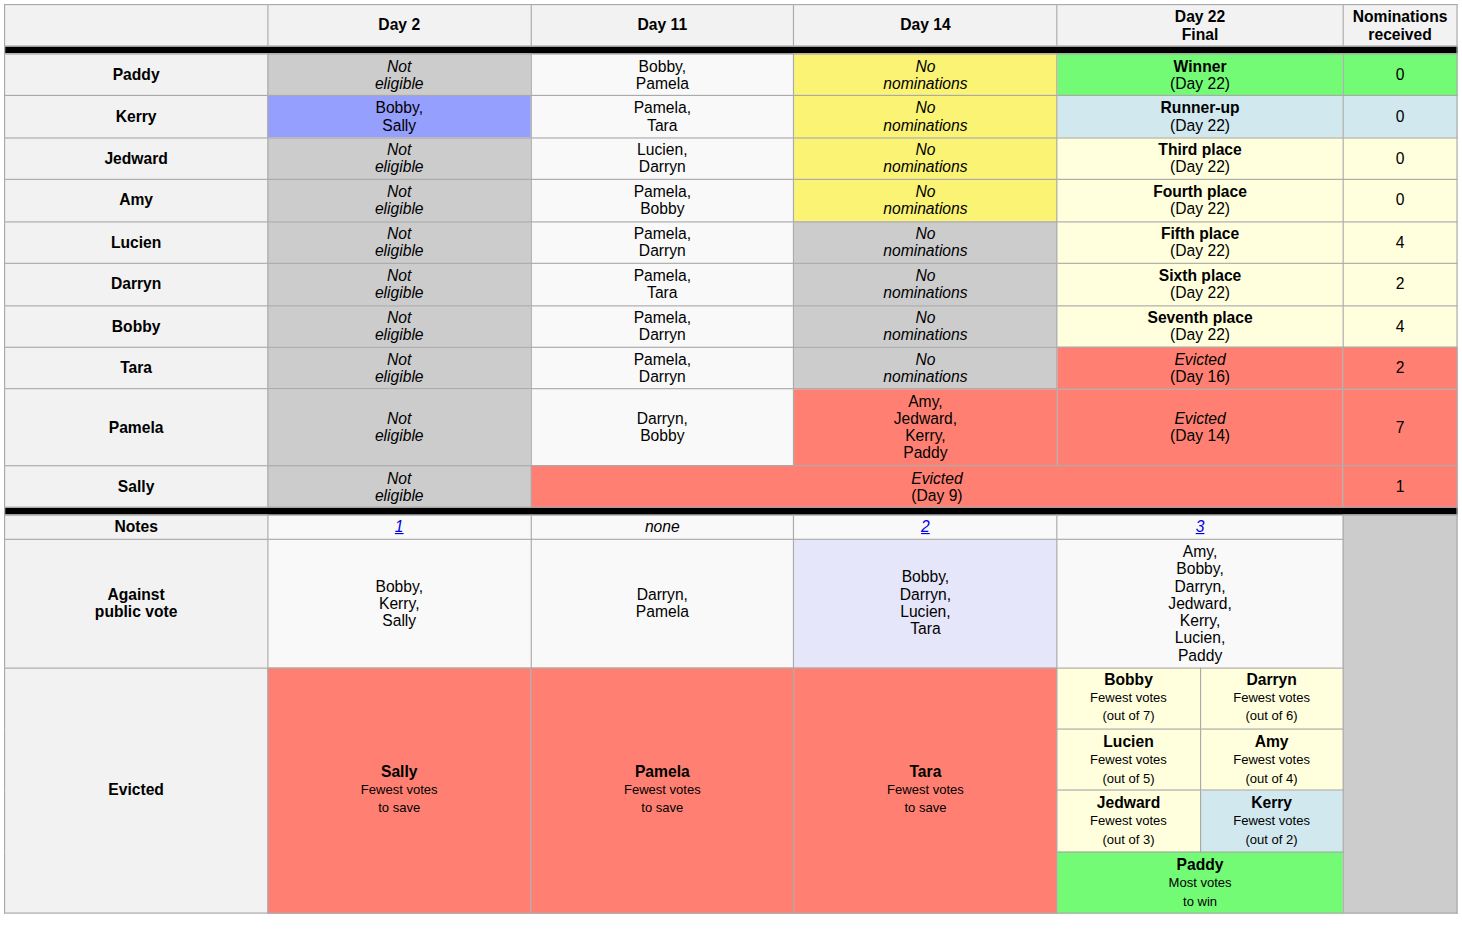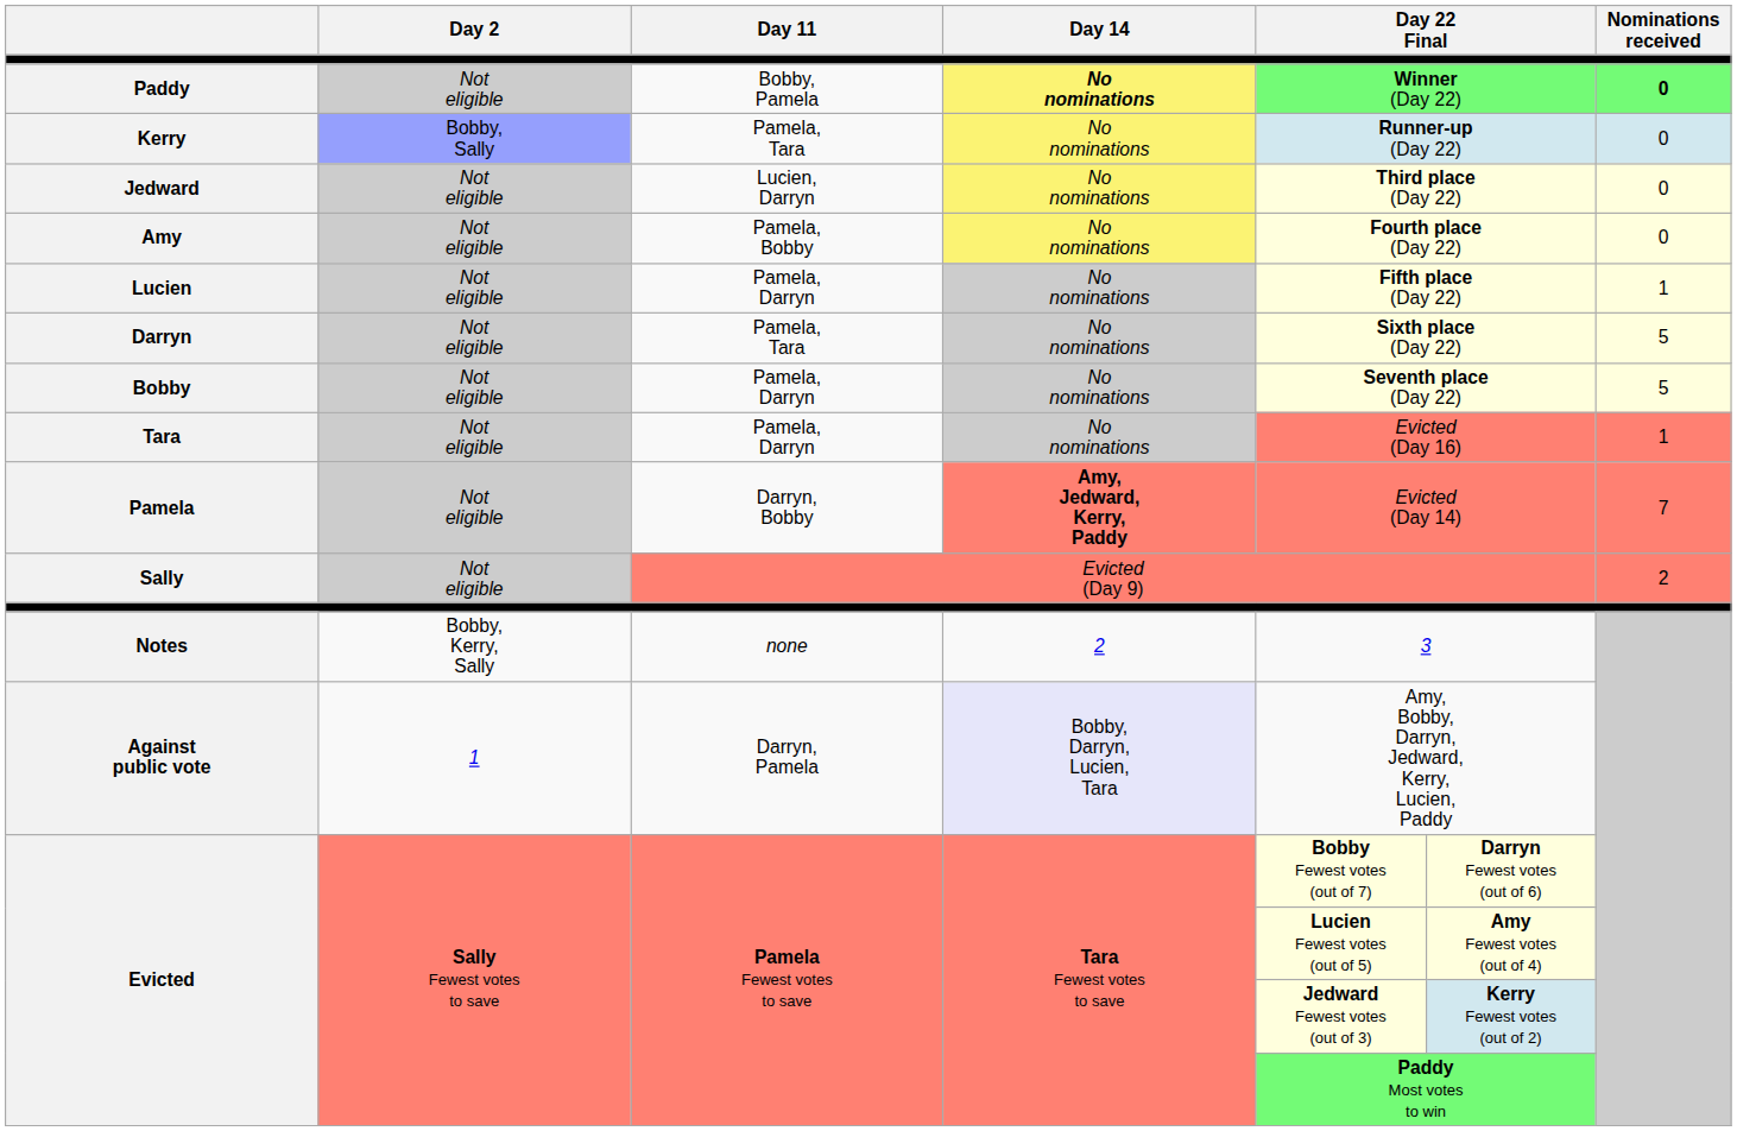 <table class="wikitable nowrap" style="text-align:center; width:100%; font-size:85%; line-height:15px;">
 <tr>
 <th style="width:10%;"></th>
 <th style="width:10%;">Day 2</th>
 <th style="width:10%;">Day 11</th>
 <th style="width:10%;">Day 14</th>
 <th colspan="2" style="width:10%;">Day 22<br>Final</th>
 <th style="width:1%;">Nominations<br>received</th>
 </tr>
 <tr>
 <th style="background:#000;" colspan="7"></th>
 </tr>
 <tr>
 <th>Paddy</th>
 <td style="background:#ccc; text-align:center;"><em>Not<br>eligible</em></td>
 <td>Bobby,<br>Pamela</td>
-<td style="background:#FBF373; text-align:center;"><em>No<br>nominations</em></td>
+<td style="background:#FBF373; text-align:center;"><strong><em>No<br>nominations</em></strong></td>
 <td style="background:#73FB76" colspan=2><strong>Winner</strong><br>(Day 22)</td>
-<td style="background:#73FB76">0</td>
+<td style="background:#73FB76"><strong>0</strong></td>
 </tr>
 <tr>
 <th>Kerry</th>
 <td style="background:#959ffd; text-align:center">Bobby,<br>Sally</td>
 <td>Pamela,<br>Tara</td>
 <td style="background:#FBF373; text-align:center;"><em>No<br>nominations</em></td>
 <td style="background:#D1E8EF" colspan=2><strong>Runner-up</strong><br>(Day 22)</td>
 <td style="background:#D1E8EF">0</td>
 </tr>
 <tr>
 <th>Jedward</th>
 <td style="background:#ccc; text-align:center;"><em>Not<br>eligible</em></td>
 <td>Lucien,<br>Darryn</td>
 <td style="background:#FBF373; text-align:center;"><em>No<br>nominations</em></td>
 <td style="background:#ffffdd" colspan=2><strong>Third place</strong><br>(Day 22)</td>
 <td style="background:#ffffdd">0</td>
 </tr>
 <tr>
 <th>Amy</th>
 <td style="background:#ccc; text-align:center;"><em>Not<br>eligible</em></td>
 <td>Pamela,<br>Bobby</td>
 <td style="background:#FBF373; text-align:center;"><em>No<br>nominations</em></td>
 <td style="background:#ffffdd" colspan=2><strong>Fourth place</strong><br>(Day 22)</td>
 <td style="background:#ffffdd">0</td>
 </tr>
 <tr>
 <th>Lucien</th>
 <td style="background:#ccc; text-align:center;"><em>Not<br>eligible</em></td>
 <td>Pamela,<br>Darryn</td>
 <td style="background:#ccc; text-align:center;"><em>No<br>nominations</em></td>
 <td style="background:#ffffdd" colspan=2><strong>Fifth place</strong><br>(Day 22)</td>
-<td style="background:#ffffdd">4</td>
+<td style="background:#ffffdd">1</td>
 </tr>
 <tr>
 <th>Darryn</th>
 <td style="background:#ccc; text-align:center;"><em>Not<br>eligible</em></td>
 <td>Pamela,<br>Tara</td>
 <td style="background:#ccc; text-align:center;"><em>No<br>nominations</em></td>
 <td style="background:#ffffdd" colspan=2><strong>Sixth place</strong><br>(Day 22)</td>
-<td style="background:#ffffdd">2</td>
+<td style="background:#ffffdd">5</td>
 </tr>
 <tr>
 <th>Bobby</th>
 <td style="background:#ccc; text-align:center;"><em>Not<br>eligible</em></td>
 <td>Pamela,<br>Darryn</td>
 <td style="background:#ccc; text-align:center;"><em>No<br>nominations</em></td>
 <td style="background:#ffffdd" colspan=2><strong>Seventh place</strong><br>(Day 22)</td>
-<td style="background:#ffffdd">4</td>
+<td style="background:#ffffdd">5</td>
 </tr>
 <tr>
 <th>Tara</th>
 <td style="background:#ccc; text-align:center;"><em>Not<br>eligible</em></td>
 <td>Pamela,<br>Darryn</td>
 <td style="background:#ccc; text-align:center;"><em>No<br>nominations</em></td>
 <td colspan="2" style="background:#FF8072"><em>Evicted</em><br>(Day 16)</td>
-<td style="background:#FF8072">2</td>
+<td style="background:#FF8072">1</td>
 </tr>
 <tr>
 <th>Pamela</th>
 <td style="background:#ccc; text-align:center;"><em>Not<br>eligible</em></td>
 <td>Darryn,<br>Bobby</td>
-<td style="background:#FF8072">Amy,<br>Jedward,<br>Kerry,<br>Paddy</td>
+<td style="background:#FF8072"><strong>Amy,<br>Jedward,<br>Kerry,<br>Paddy</strong></td>
 <td colspan=2 style="background:#FF8072"><em>Evicted</em><br>(Day 14)</td>
 <td style="background:#FF8072">7</td>
 </tr>
 <tr>
 <th>Sally</th>
 <td style="background:#ccc; text-align:center;"><em>Not<br>eligible</em></td>
 <td colspan="4" style="background:#FF8072"><em>Evicted</em><br>(Day 9)</td>
-<td style="background:#FF8072">1</td>
+<td style="background:#FF8072">2</td>
 </tr>
 <tr>
 <th style="background:#000;" colspan="7"></th>
 </tr>
 <tr>
 <th>Notes</th>
-<td><cite><em><a href='#'>1</a></em></cite></td>
+<td>Bobby,<br>Kerry,<br>Sally</td>
 <td><em>none</em></td>
 <td><cite><em><a href='#'>2</a></em></cite></td>
 <td colspan="2"><cite><em><a href='#'>3</a></em></cite></td>
 <td rowspan="6" style="background:#ccc;"></td>
 </tr>
 <tr>
 <th>Against<br>public vote</th>
-<td>Bobby,<br>Kerry,<br>Sally</td>
+<td><cite><em><a href='#'>1</a></em></cite></td>
 <td>Darryn,<br>Pamela</td>
 <td style="background: lavender;">Bobby,<br>Darryn,<br>Lucien,<br>Tara</td>
 <td colspan="2">Amy,<br>Bobby,<br>Darryn,<br>Jedward,<br>Kerry,<br>Lucien,<br>Paddy</td>
 </tr>
 <tr>
 <th rowspan="4">Evicted</th>
 <td rowspan="4" style="background:#ff8072;"><strong>Sally</strong><br><small>Fewest votes</small><br><small>to save</small></td>
 <td rowspan="4" style="background:#ff8072"><strong>Pamela</strong><br><small>Fewest votes</small><br><small>to save</small></td>
 <td rowspan="4" style="background:#ff8072"><strong>Tara</strong><br><small>Fewest votes</small><br><small>to save</small></td>
 <td style="background:#ffffdd; white-space:nowrap;"><strong>Bobby</strong> <br><small>Fewest votes</small><br><small>(out of 7)</small></td>
 <td style="background:#ffffdd; white-space:nowrap;"><strong>Darryn</strong> <br><small>Fewest votes</small><br><small>(out of 6)</small></td>
 </tr>
 <tr style="background:#ffffdd;">
 <td style="white-space:nowrap;"><strong>Lucien</strong> <br><small>Fewest votes</small><br><small>(out of 5)</small></td>
 <td style="white-space:nowrap;"><strong>Amy</strong> <br><small>Fewest votes</small><br><small>(out of 4)</small></td>
 </tr>
 <tr>
 <td style="background:#ffffdd; white-space:nowrap;"><strong>Jedward</strong><br><small>Fewest votes</small><br><small>(out of 3)</small></td>
 <td style="background:#d1e8ef; white-space:nowrap;"><strong>Kerry</strong><br><small>Fewest votes</small><br><small>(out of 2)</small></td>
 </tr>
 <tr>
 <td colspan="2"  style="background:#73fb76; white-space:nowrap;"><strong>Paddy</strong><br><small>Most votes</small><br><small>to win</small></td>
 </tr>
 </table>
